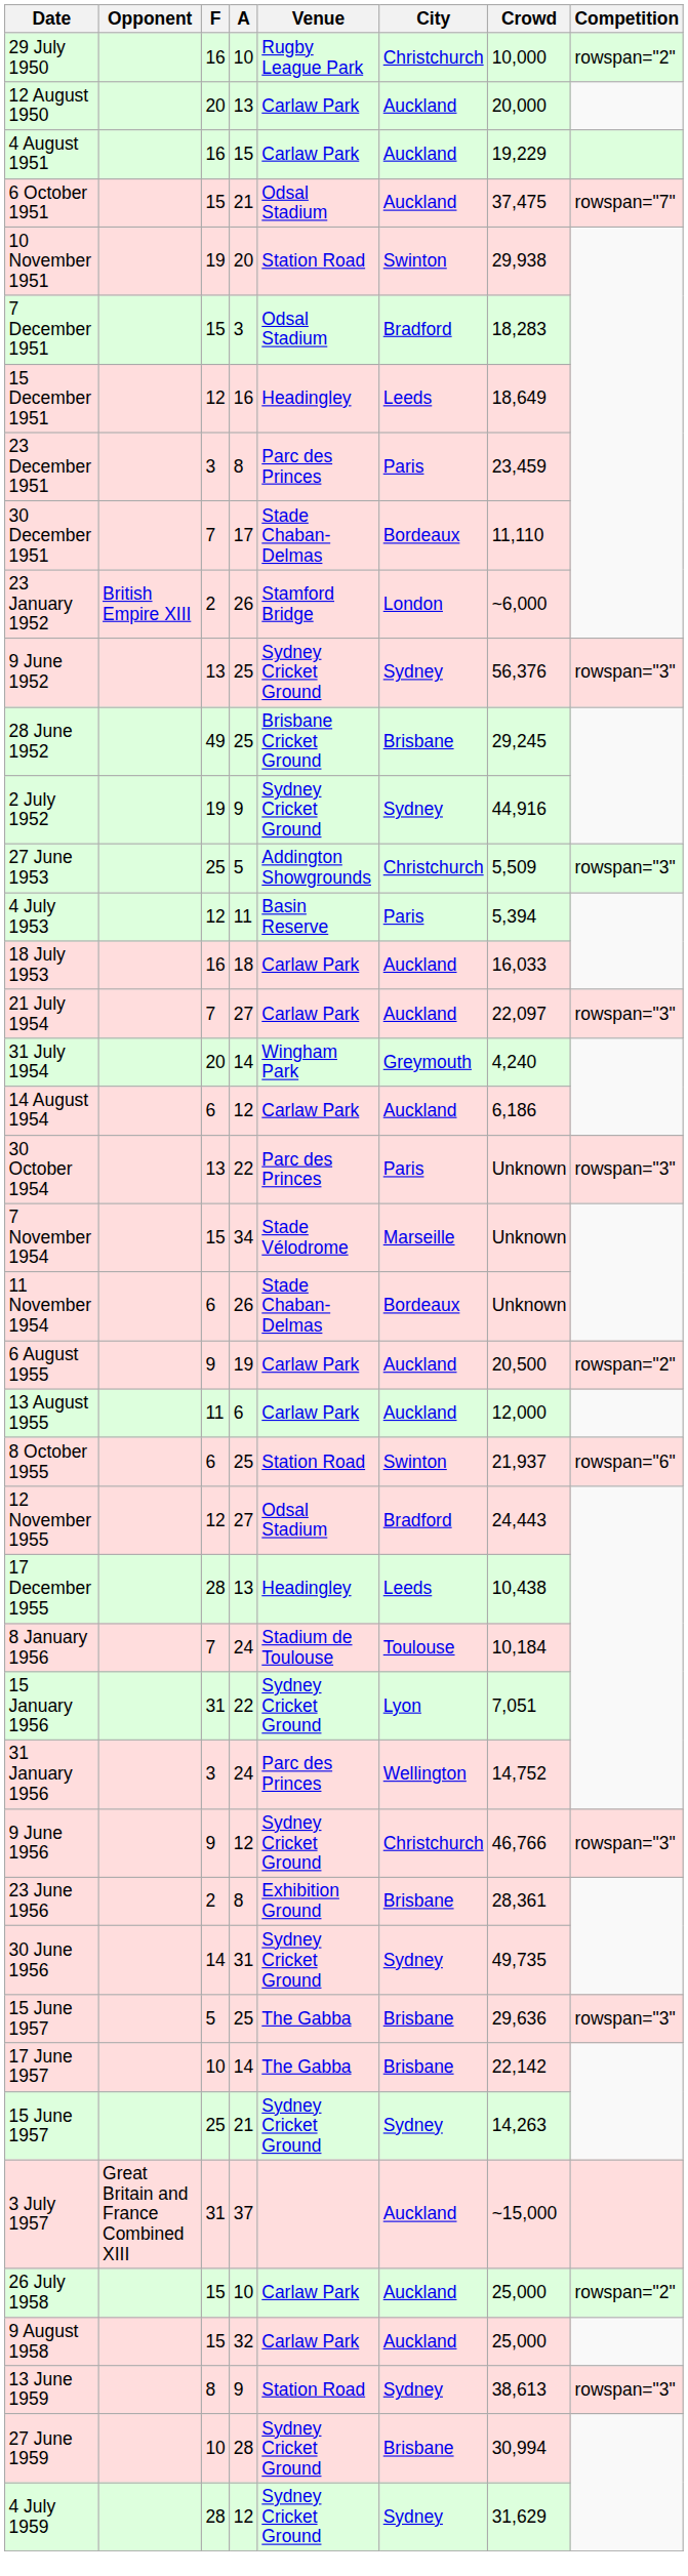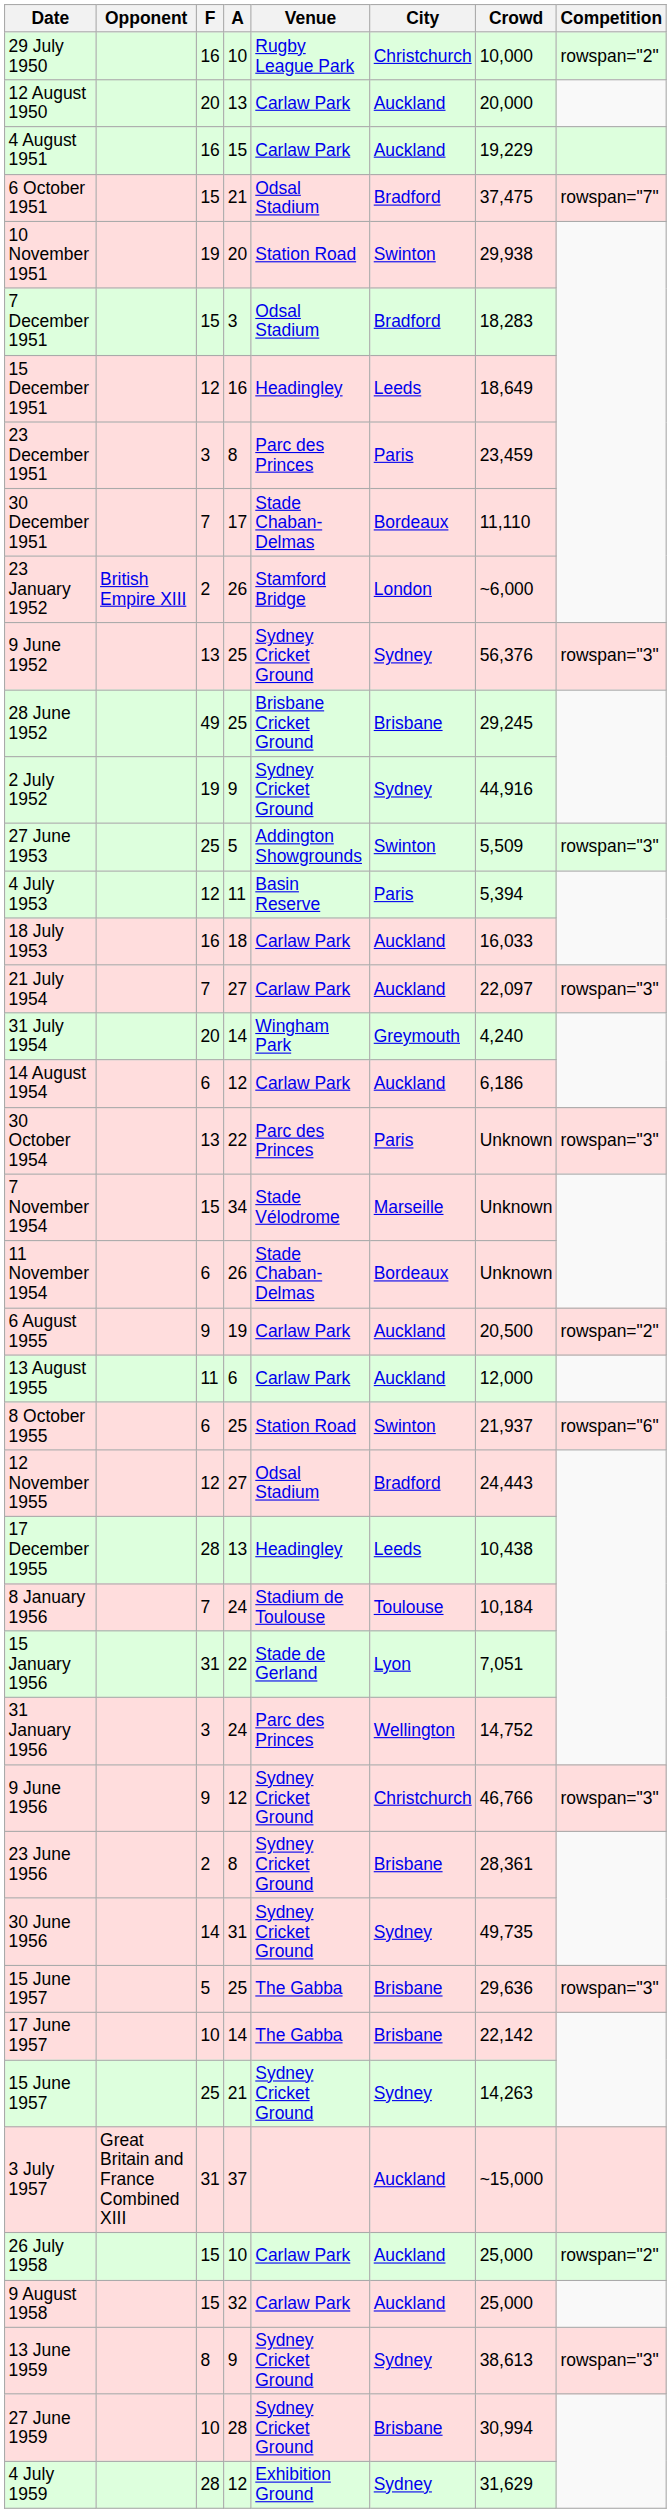 <table class="wikitable sortable">
 <tr>
 <th>Date</th>
 <th>Opponent</th>
 <th>F</th>
 <th>A</th>
 <th>Venue</th>
 <th>City</th>
 <th>Crowd</th>
 <th>Competition</th>
 </tr>
 <tr style="background:#ddffdd;">
 <td>29 July 1950</td>
 <td></td>
 <td>16</td>
 <td>10</td>
 <td><a href='#'>Rugby League Park</a></td>
 <td><a href='#'>Christchurch</a></td>
 <td>10,000</td>
 <td>rowspan="2"</td>
 </tr>
 <tr style="background:#ddffdd;">
 <td>12 August 1950</td>
 <td></td>
 <td>20</td>
 <td>13</td>
 <td><a href='#'>Carlaw Park</a></td>
 <td><a href='#'>Auckland</a></td>
 <td>20,000</td>
 </tr>
 <tr style="background:#ddffdd;">
 <td>4 August 1951</td>
 <td></td>
 <td>16</td>
 <td>15</td>
 <td><a href='#'>Carlaw Park</a></td>
 <td><a href='#'>Auckland</a></td>
 <td>19,229</td>
 <td></td>
 </tr>
 <tr style="background:#ffdddd;">
 <td>6 October 1951</td>
 <td></td>
 <td>15</td>
 <td>21</td>
 <td><a href='#'>Odsal Stadium</a></td>
-<td><a href='#'>Auckland</a></td>
+<td><a href='#'>Bradford</a></td>
 <td>37,475</td>
 <td>rowspan="7" </td>
 </tr>
 <tr style="background:#ffdddd;">
 <td>10 November 1951</td>
 <td></td>
 <td>19</td>
 <td>20</td>
 <td><a href='#'>Station Road</a></td>
 <td><a href='#'>Swinton</a></td>
 <td>29,938</td>
 </tr>
 <tr style="background:#ddffdd;">
 <td>7 December 1951</td>
 <td></td>
 <td>15</td>
 <td>3</td>
 <td><a href='#'>Odsal Stadium</a></td>
 <td><a href='#'>Bradford</a></td>
 <td>18,283</td>
 </tr>
 <tr style="background:#ffdddd;">
 <td>15 December 1951</td>
 <td></td>
 <td>12</td>
 <td>16</td>
 <td><a href='#'>Headingley</a></td>
 <td><a href='#'>Leeds</a></td>
 <td>18,649</td>
 </tr>
 <tr style="background:#ffdddd;">
 <td>23 December 1951</td>
 <td></td>
 <td>3</td>
 <td>8</td>
 <td><a href='#'>Parc des Princes</a></td>
 <td><a href='#'>Paris</a></td>
 <td>23,459</td>
 </tr>
 <tr style="background:#ffdddd;">
 <td>30 December 1951</td>
 <td></td>
 <td>7</td>
 <td>17</td>
 <td><a href='#'>Stade Chaban-Delmas</a></td>
 <td><a href='#'>Bordeaux</a></td>
 <td>11,110</td>
 </tr>
 <tr style="background:#ffdddd;">
 <td>23 January 1952</td>
 <td> <a href='#'>British Empire XIII</a></td>
 <td>2</td>
 <td>26</td>
 <td><a href='#'>Stamford Bridge</a></td>
 <td><a href='#'>London</a></td>
 <td>~6,000</td>
 </tr>
 <tr style="background:#ffdddd;">
 <td>9 June 1952</td>
 <td></td>
 <td>13</td>
 <td>25</td>
 <td><a href='#'>Sydney Cricket Ground</a></td>
 <td><a href='#'>Sydney</a></td>
 <td>56,376</td>
 <td>rowspan="3"</td>
 </tr>
 <tr style="background:#ddffdd;">
 <td>28 June 1952</td>
 <td></td>
 <td>49</td>
 <td>25</td>
 <td><a href='#'>Brisbane Cricket Ground</a></td>
 <td><a href='#'>Brisbane</a></td>
 <td>29,245</td>
 </tr>
 <tr style="background:#ddffdd;">
 <td>2 July 1952</td>
 <td></td>
 <td>19</td>
 <td>9</td>
 <td><a href='#'>Sydney Cricket Ground</a></td>
 <td><a href='#'>Sydney</a></td>
 <td>44,916</td>
 </tr>
 <tr style="background:#ddffdd;">
 <td>27 June 1953</td>
 <td></td>
 <td>25</td>
 <td>5</td>
 <td><a href='#'>Addington Showgrounds</a></td>
-<td><a href='#'>Christchurch</a></td>
+<td><a href='#'>Swinton</a></td>
 <td>5,509</td>
 <td>rowspan="3"</td>
 </tr>
 <tr style="background:#ddffdd;">
 <td>4 July 1953</td>
 <td></td>
 <td>12</td>
 <td>11</td>
 <td><a href='#'>Basin Reserve</a></td>
 <td><a href='#'>Paris</a></td>
 <td>5,394</td>
 </tr>
 <tr style="background:#ffdddd;">
 <td>18 July 1953</td>
 <td></td>
 <td>16</td>
 <td>18</td>
 <td><a href='#'>Carlaw Park</a></td>
 <td><a href='#'>Auckland</a></td>
 <td>16,033</td>
 </tr>
 <tr style="background:#ffdddd;">
 <td>21 July 1954</td>
 <td></td>
 <td>7</td>
 <td>27</td>
 <td><a href='#'>Carlaw Park</a></td>
 <td><a href='#'>Auckland</a></td>
 <td>22,097</td>
 <td>rowspan="3"</td>
 </tr>
 <tr style="background:#ddffdd;">
 <td>31 July 1954</td>
 <td></td>
 <td>20</td>
 <td>14</td>
 <td><a href='#'>Wingham Park</a></td>
 <td><a href='#'>Greymouth</a></td>
 <td>4,240</td>
 </tr>
 <tr style="background:#ffdddd;">
 <td>14 August 1954</td>
 <td></td>
 <td>6</td>
 <td>12</td>
 <td><a href='#'>Carlaw Park</a></td>
 <td><a href='#'>Auckland</a></td>
 <td>6,186</td>
 </tr>
 <tr style="background:#ffdddd;">
 <td>30 October 1954</td>
 <td></td>
 <td>13</td>
 <td>22</td>
 <td><a href='#'>Parc des Princes</a></td>
 <td><a href='#'>Paris</a></td>
 <td>Unknown</td>
 <td>rowspan="3" </td>
 </tr>
 <tr style="background:#ffdddd;">
 <td>7 November 1954</td>
 <td></td>
 <td>15</td>
 <td>34</td>
 <td><a href='#'>Stade Vélodrome</a></td>
 <td><a href='#'>Marseille</a></td>
 <td>Unknown</td>
 </tr>
 <tr style="background:#ffdddd;">
 <td>11 November 1954</td>
 <td></td>
 <td>6</td>
 <td>26</td>
 <td><a href='#'>Stade Chaban-Delmas</a></td>
 <td><a href='#'>Bordeaux</a></td>
 <td>Unknown</td>
 </tr>
 <tr style="background:#ffdddd;">
 <td>6 August 1955</td>
 <td></td>
 <td>9</td>
 <td>19</td>
 <td><a href='#'>Carlaw Park</a></td>
 <td><a href='#'>Auckland</a></td>
 <td>20,500</td>
 <td>rowspan="2" </td>
 </tr>
 <tr style="background:#ddffdd;">
 <td>13 August 1955</td>
 <td></td>
 <td>11</td>
 <td>6</td>
 <td><a href='#'>Carlaw Park</a></td>
 <td><a href='#'>Auckland</a></td>
 <td>12,000</td>
 </tr>
 <tr style="background:#ffdddd;">
 <td>8 October 1955</td>
 <td></td>
 <td>6</td>
 <td>25</td>
 <td><a href='#'>Station Road</a></td>
 <td><a href='#'>Swinton</a></td>
 <td>21,937</td>
 <td>rowspan="6" </td>
 </tr>
 <tr style="background:#ffdddd;">
 <td>12 November 1955</td>
 <td></td>
 <td>12</td>
 <td>27</td>
 <td><a href='#'>Odsal Stadium</a></td>
 <td><a href='#'>Bradford</a></td>
 <td>24,443</td>
 </tr>
 <tr style="background:#ddffdd;">
 <td>17 December 1955</td>
 <td></td>
 <td>28</td>
 <td>13</td>
 <td><a href='#'>Headingley</a></td>
 <td><a href='#'>Leeds</a></td>
 <td>10,438</td>
 </tr>
 <tr style="background:#ffdddd;">
 <td>8 January 1956</td>
 <td></td>
 <td>7</td>
 <td>24</td>
 <td><a href='#'>Stadium de Toulouse</a></td>
 <td><a href='#'>Toulouse</a></td>
 <td>10,184</td>
 </tr>
 <tr style="background:#ddffdd;">
 <td>15 January 1956</td>
 <td></td>
 <td>31</td>
 <td>22</td>
-<td><a href='#'>Sydney Cricket Ground</a></td>
+<td><a href='#'>Stade de Gerland</a></td>
 <td><a href='#'>Lyon</a></td>
 <td>7,051</td>
 </tr>
 <tr style="background:#ffdddd;">
 <td>31 January 1956</td>
 <td></td>
 <td>3</td>
 <td>24</td>
 <td><a href='#'>Parc des Princes</a></td>
 <td><a href='#'>Wellington</a></td>
 <td>14,752</td>
 </tr>
 <tr style="background:#ffdddd;">
 <td>9 June 1956</td>
 <td></td>
 <td>9</td>
 <td>12</td>
 <td><a href='#'>Sydney Cricket Ground</a></td>
 <td><a href='#'>Christchurch</a></td>
 <td>46,766</td>
 <td>rowspan="3"</td>
 </tr>
 <tr style="background:#ffdddd;">
 <td>23 June 1956</td>
 <td></td>
 <td>2</td>
 <td>8</td>
-<td><a href='#'>Exhibition Ground</a></td>
+<td><a href='#'>Sydney Cricket Ground</a></td>
 <td><a href='#'>Brisbane</a></td>
 <td>28,361</td>
 </tr>
 <tr style="background:#ffdddd;">
 <td>30 June 1956</td>
 <td></td>
 <td>14</td>
 <td>31</td>
 <td><a href='#'>Sydney Cricket Ground</a></td>
 <td><a href='#'>Sydney</a></td>
 <td>49,735</td>
 </tr>
 <tr style="background:#ffdddd;">
 <td>15 June 1957</td>
 <td></td>
 <td>5</td>
 <td>25</td>
 <td><a href='#'>The Gabba</a></td>
 <td><a href='#'>Brisbane</a></td>
 <td>29,636</td>
 <td>rowspan="3" </td>
 </tr>
 <tr style="background:#ffdddd;">
 <td>17 June 1957</td>
 <td></td>
 <td>10</td>
 <td>14</td>
 <td><a href='#'>The Gabba</a></td>
 <td><a href='#'>Brisbane</a></td>
 <td>22,142</td>
 </tr>
 <tr style="background:#ddffdd;">
 <td>15 June 1957</td>
 <td></td>
 <td>25</td>
 <td>21</td>
 <td><a href='#'>Sydney Cricket Ground</a></td>
 <td><a href='#'>Sydney</a></td>
 <td>14,263</td>
 </tr>
 <tr style="background:#ffdddd;">
 <td>3 July 1957</td>
 <td> Great Britain and France Combined XIII</td>
 <td>31</td>
 <td>37</td>
 <td></td>
 <td><a href='#'>Auckland</a></td>
 <td>~15,000</td>
 <td></td>
 </tr>
 <tr style="background:#ddffdd;">
 <td>26 July 1958</td>
 <td></td>
 <td>15</td>
 <td>10</td>
 <td><a href='#'>Carlaw Park</a></td>
 <td><a href='#'>Auckland</a></td>
 <td>25,000</td>
 <td>rowspan="2"</td>
 </tr>
 <tr style="background:#ffdddd;">
 <td>9 August 1958</td>
 <td></td>
 <td>15</td>
 <td>32</td>
 <td><a href='#'>Carlaw Park</a></td>
 <td><a href='#'>Auckland</a></td>
 <td>25,000</td>
 </tr>
 <tr style="background:#ffdddd;">
 <td>13 June 1959</td>
 <td></td>
 <td>8</td>
 <td>9</td>
-<td><a href='#'>Station Road</a></td>
+<td><a href='#'>Sydney Cricket Ground</a></td>
 <td><a href='#'>Sydney</a></td>
 <td>38,613</td>
 <td>rowspan="3"</td>
 </tr>
 <tr style="background:#ffdddd;">
 <td>27 June 1959</td>
 <td></td>
 <td>10</td>
 <td>28</td>
 <td><a href='#'>Sydney Cricket Ground</a></td>
 <td><a href='#'>Brisbane</a></td>
 <td>30,994</td>
 </tr>
 <tr style="background:#ddffdd;">
 <td>4 July 1959</td>
 <td></td>
 <td>28</td>
 <td>12</td>
-<td><a href='#'>Sydney Cricket Ground</a></td>
+<td><a href='#'>Exhibition Ground</a></td>
 <td><a href='#'>Sydney</a></td>
 <td>31,629</td>
 </tr>
 </table>
